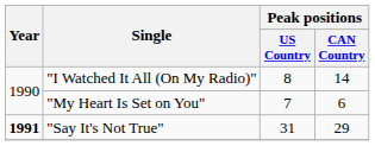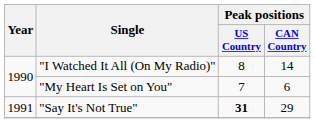 <table class="wikitable" style="text-align:center;">
 <tr>
 <th rowspan="2">Year</th>
 <th rowspan="2">Single</th>
 <th colspan="2">Peak positions</th>
 </tr>
 <tr style="font-size:smaller;">
 <th style="width:50px;"><a href='#'>US Country</a></th>
 <th style="width:50px;"><a href='#'>CAN Country</a></th>
 </tr>
 <tr>
 <td rowspan=2>1990</td>
 <td style="text-align:left;">"I Watched It All (On My Radio)"</td>
 <td>8</td>
 <td>14</td>
 </tr>
 <tr>
 <td style="text-align:left;">"My Heart Is Set on You"</td>
 <td>7</td>
 <td>6</td>
 </tr>
 <tr>
-<td><strong>1991</strong></td>
+<td>1991</td>
 <td style="text-align:left;">"Say It's Not True"</td>
-<td>31</td>
+<td><strong>31</strong></td>
 <td>29</td>
 </tr>
 <tr>
 </tr>
 </table>
